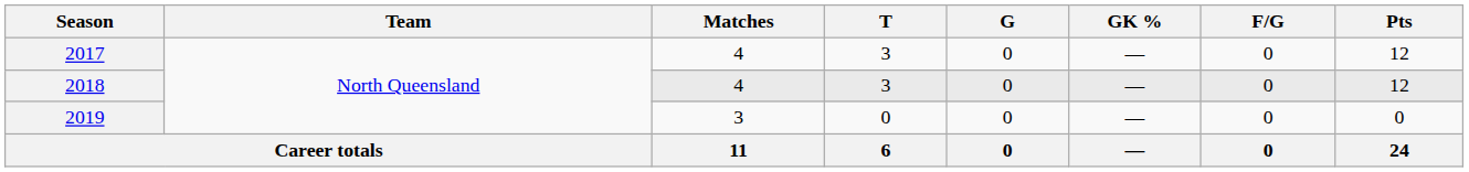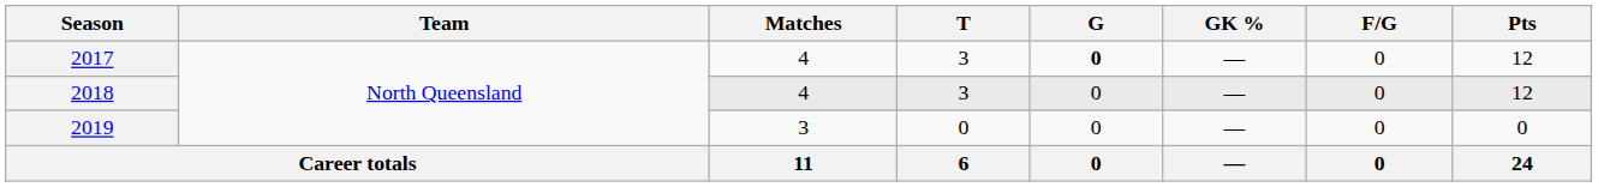 <table class="wikitable sortable"  style="font-size:90%; text-align:center; width:85%;">
 <tr>
 <th width=2%>Season</th>
 <th width=8%>Team</th>
 <th width=2%>Matches</th>
 <th width=2%>T</th>
 <th width=2%>G</th>
 <th width=2%>GK %</th>
 <th width=2%>F/G</th>
 <th width=2%>Pts</th>
 </tr>
 <tr>
 <th scope="row" style="text-align:center; font-weight:normal"><a href='#'>2017</a></th>
 <td rowspan="3" style="text-align:center;"> <a href='#'>North Queensland</a></td>
 <td>4</td>
 <td>3</td>
-<td>0</td>
+<td><strong>0</strong></td>
 <td>—</td>
 <td>0</td>
 <td>12</td>
 </tr>
 <tr style="background:#eaeaea;">
 <th scope="row" style="text-align:center; font-weight:normal"><a href='#'>2018</a></th>
 <td>4</td>
 <td>3</td>
 <td>0</td>
 <td>—</td>
 <td>0</td>
 <td>12</td>
 </tr>
 <tr>
 <th scope="row" style="text-align:center; font-weight:normal"><a href='#'>2019</a></th>
 <td>3</td>
 <td>0</td>
 <td>0</td>
 <td>—</td>
 <td>0</td>
 <td>0</td>
 </tr>
 <tr class="sortbottom">
 <th colspan=2>Career totals</th>
 <th>11</th>
 <th>6</th>
 <th>0</th>
 <th>—</th>
 <th>0</th>
 <th>24</th>
 </tr>
 </table>
